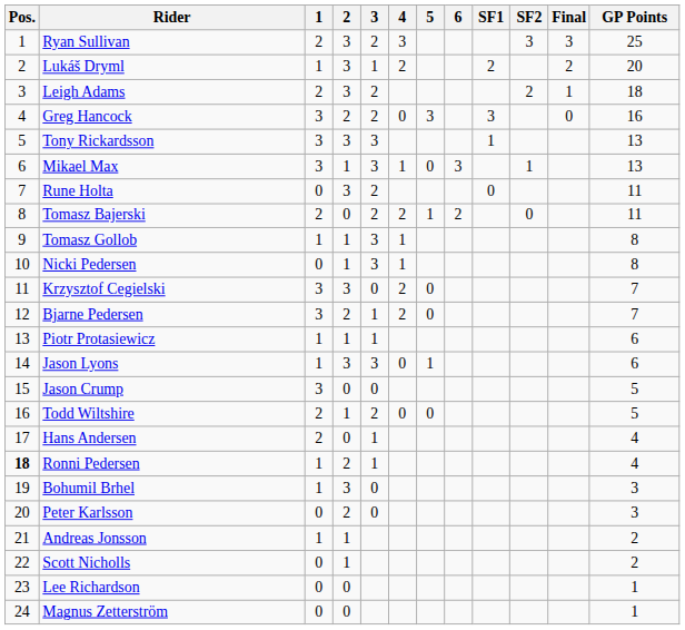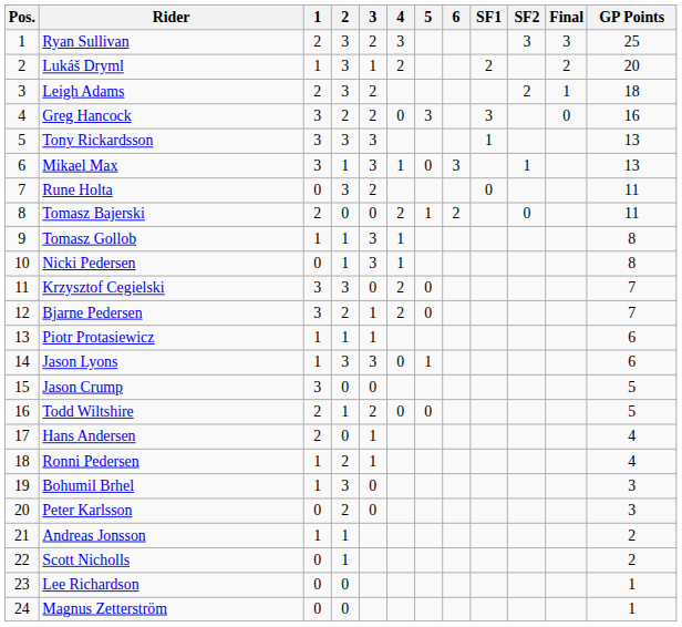 <table class=wikitable style="font-size:93%;">
 <tr>
 <th width=25px>Pos.</th>
 <th width=250px>Rider</th>
 <th width=20px>1</th>
 <th width=20px>2</th>
 <th width=20px>3</th>
 <th width=20px>4</th>
 <th width=20px>5</th>
 <th width=20px>6</th>
 <th width=30px>SF1</th>
 <th width=30px>SF2</th>
 <th width=30px>Final</th>
 <th width=80px>GP Points</th>
 </tr>
 <tr align=center style="background-color:">
 <td>1</td>
 <td align=left> <a href='#'>Ryan Sullivan</a></td>
 <td>2</td>
 <td>3</td>
 <td>2</td>
 <td>3</td>
 <td></td>
 <td></td>
 <td></td>
 <td>3</td>
 <td>3</td>
 <td>25</td>
 </tr>
 <tr align=center style="background-color:">
 <td>2</td>
 <td align=left> <a href='#'>Lukáš Dryml</a></td>
 <td>1</td>
 <td>3</td>
 <td>1</td>
 <td>2</td>
 <td></td>
 <td></td>
 <td> 2</td>
 <td></td>
 <td>2</td>
 <td>20</td>
 </tr>
 <tr align=center style="background-color:">
 <td>3</td>
 <td align=left> <a href='#'>Leigh Adams</a></td>
 <td>2</td>
 <td>3</td>
 <td>2</td>
 <td></td>
 <td></td>
 <td></td>
 <td></td>
 <td>2</td>
 <td>1</td>
 <td>18</td>
 </tr>
 <tr align=center>
 <td>4</td>
 <td align=left> <a href='#'>Greg Hancock</a></td>
 <td>3</td>
 <td>2</td>
 <td>2</td>
 <td>0</td>
 <td>3</td>
 <td></td>
 <td>3</td>
 <td></td>
 <td>0</td>
 <td>16</td>
 </tr>
 <tr align=center>
 <td>5</td>
 <td align=left> <a href='#'>Tony Rickardsson</a></td>
 <td>3</td>
 <td>3</td>
 <td>3</td>
 <td></td>
 <td></td>
 <td></td>
 <td>1</td>
 <td></td>
 <td></td>
 <td>13</td>
 </tr>
 <tr align=center>
 <td>6</td>
 <td align=left> <a href='#'>Mikael Max</a></td>
 <td>3</td>
 <td>1</td>
 <td>3</td>
 <td>1</td>
 <td>0</td>
 <td>3</td>
 <td></td>
 <td>1</td>
 <td></td>
 <td>13</td>
 </tr>
 <tr align=center>
 <td>7</td>
 <td align=left> <a href='#'>Rune Holta</a></td>
 <td>0</td>
 <td>3</td>
 <td>2</td>
 <td></td>
 <td></td>
 <td></td>
 <td>0</td>
 <td></td>
 <td></td>
 <td>11</td>
 </tr>
 <tr align=center>
 <td>8</td>
 <td align=left> <a href='#'>Tomasz Bajerski</a></td>
 <td>2</td>
 <td>0</td>
-<td>2</td>
+<td>0</td>
 <td>2</td>
 <td>1</td>
 <td>2</td>
 <td></td>
 <td>0</td>
 <td></td>
 <td>11</td>
 </tr>
 <tr align=center>
 <td>9</td>
 <td align=left> <a href='#'>Tomasz Gollob</a></td>
 <td>1</td>
 <td>1</td>
 <td>3</td>
 <td>1</td>
 <td></td>
 <td></td>
 <td></td>
 <td></td>
 <td></td>
 <td>8</td>
 </tr>
 <tr align=center>
 <td>10</td>
 <td align=left> <a href='#'>Nicki Pedersen</a></td>
 <td>0</td>
 <td>1</td>
 <td>3</td>
 <td>1</td>
 <td></td>
 <td></td>
 <td></td>
 <td></td>
 <td></td>
 <td>8</td>
 </tr>
 <tr align=center>
 <td>11</td>
 <td align=left> <a href='#'>Krzysztof Cegielski</a></td>
 <td>3</td>
 <td>3</td>
 <td>0</td>
 <td>2</td>
 <td>0</td>
 <td></td>
 <td></td>
 <td></td>
 <td></td>
 <td>7</td>
 </tr>
 <tr align=center>
 <td>12</td>
 <td align=left> <a href='#'>Bjarne Pedersen</a></td>
 <td>3</td>
 <td>2</td>
 <td>1</td>
 <td>2</td>
 <td>0</td>
 <td></td>
 <td></td>
 <td></td>
 <td></td>
 <td>7</td>
 </tr>
 <tr align=center>
 <td>13</td>
 <td align=left> <a href='#'>Piotr Protasiewicz</a></td>
 <td>1</td>
 <td>1</td>
 <td>1</td>
 <td></td>
 <td></td>
 <td></td>
 <td></td>
 <td></td>
 <td></td>
 <td>6</td>
 </tr>
 <tr align=center>
 <td>14</td>
 <td align=left> <a href='#'>Jason Lyons</a></td>
 <td>1</td>
 <td>3</td>
 <td>3</td>
 <td>0</td>
 <td>1</td>
 <td></td>
 <td></td>
 <td></td>
 <td></td>
 <td>6</td>
 </tr>
 <tr align=center>
 <td>15</td>
 <td align=left> <a href='#'>Jason Crump</a></td>
 <td>3</td>
 <td>0</td>
 <td>0</td>
 <td></td>
 <td></td>
 <td></td>
 <td></td>
 <td></td>
 <td></td>
 <td>5</td>
 </tr>
 <tr align=center>
 <td>16</td>
 <td align=left> <a href='#'>Todd Wiltshire</a></td>
 <td>2</td>
 <td>1</td>
 <td>2</td>
 <td>0</td>
 <td>0</td>
 <td></td>
 <td></td>
 <td></td>
 <td></td>
 <td>5</td>
 </tr>
 <tr align=center>
 <td>17</td>
 <td align=left> <a href='#'>Hans Andersen</a></td>
 <td>2</td>
 <td>0</td>
 <td>1</td>
 <td></td>
 <td></td>
 <td></td>
 <td></td>
 <td></td>
 <td></td>
 <td>4</td>
 </tr>
 <tr align=center>
-<td><strong>18</strong></td>
+<td>18</td>
 <td align=left> <a href='#'>Ronni Pedersen</a></td>
 <td>1</td>
 <td>2</td>
 <td>1</td>
 <td></td>
 <td></td>
 <td></td>
 <td></td>
 <td></td>
 <td></td>
 <td>4</td>
 </tr>
 <tr align=center>
 <td>19</td>
 <td align=left> <a href='#'>Bohumil Brhel</a></td>
 <td>1</td>
 <td>3</td>
 <td>0</td>
 <td></td>
 <td></td>
 <td></td>
 <td></td>
 <td></td>
 <td></td>
 <td>3</td>
 </tr>
 <tr align=center>
 <td>20</td>
 <td align=left> <a href='#'>Peter Karlsson</a></td>
 <td>0</td>
 <td>2</td>
 <td>0</td>
 <td></td>
 <td></td>
 <td></td>
 <td></td>
 <td></td>
 <td></td>
 <td>3</td>
 </tr>
 <tr align=center>
 <td>21</td>
 <td align=left> <a href='#'>Andreas Jonsson</a></td>
 <td>1</td>
 <td>1</td>
 <td></td>
 <td></td>
 <td></td>
 <td></td>
 <td></td>
 <td></td>
 <td></td>
 <td>2</td>
 </tr>
 <tr align=center>
 <td>22</td>
 <td align=left> <a href='#'>Scott Nicholls</a></td>
 <td>0</td>
 <td>1</td>
 <td></td>
 <td></td>
 <td></td>
 <td></td>
 <td></td>
 <td></td>
 <td></td>
 <td>2</td>
 </tr>
 <tr align=center>
 <td>23</td>
 <td align=left> <a href='#'>Lee Richardson</a></td>
 <td>0</td>
 <td>0</td>
 <td></td>
 <td></td>
 <td></td>
 <td></td>
 <td></td>
 <td></td>
 <td></td>
 <td>1</td>
 </tr>
 <tr align=center>
 <td>24</td>
 <td align=left> <a href='#'>Magnus Zetterström</a></td>
 <td>0</td>
 <td>0</td>
 <td></td>
 <td></td>
 <td></td>
 <td></td>
 <td></td>
 <td></td>
 <td></td>
 <td>1</td>
 </tr>
 </table>
